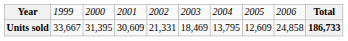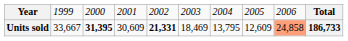 <table class="wikitable">
 <tr>
 <th>Year</th>
 <td><em>1999</em></td>
 <td><em>2000</em></td>
 <td><em>2001</em></td>
 <td><em>2002</em></td>
 <td><em>2003</em></td>
 <td><em>2004</em></td>
 <td><em>2005</em></td>
 <td><em>2006</em></td>
 <th>Total</th>
 </tr>
 <tr>
 <th>Units sold</th>
 <td>33,667</td>
-<td>31,395</td>
+<td><strong>31,395</strong></td>
 <td>30,609</td>
-<td>21,331</td>
+<td><strong>21,331</strong></td>
 <td>18,469</td>
 <td>13,795</td>
 <td>12,609</td>
-<td>24,858</td>
+<td style="background: lightsalmon;">24,858</td>
 <th>186,733</th>
 </tr>
 </table>
